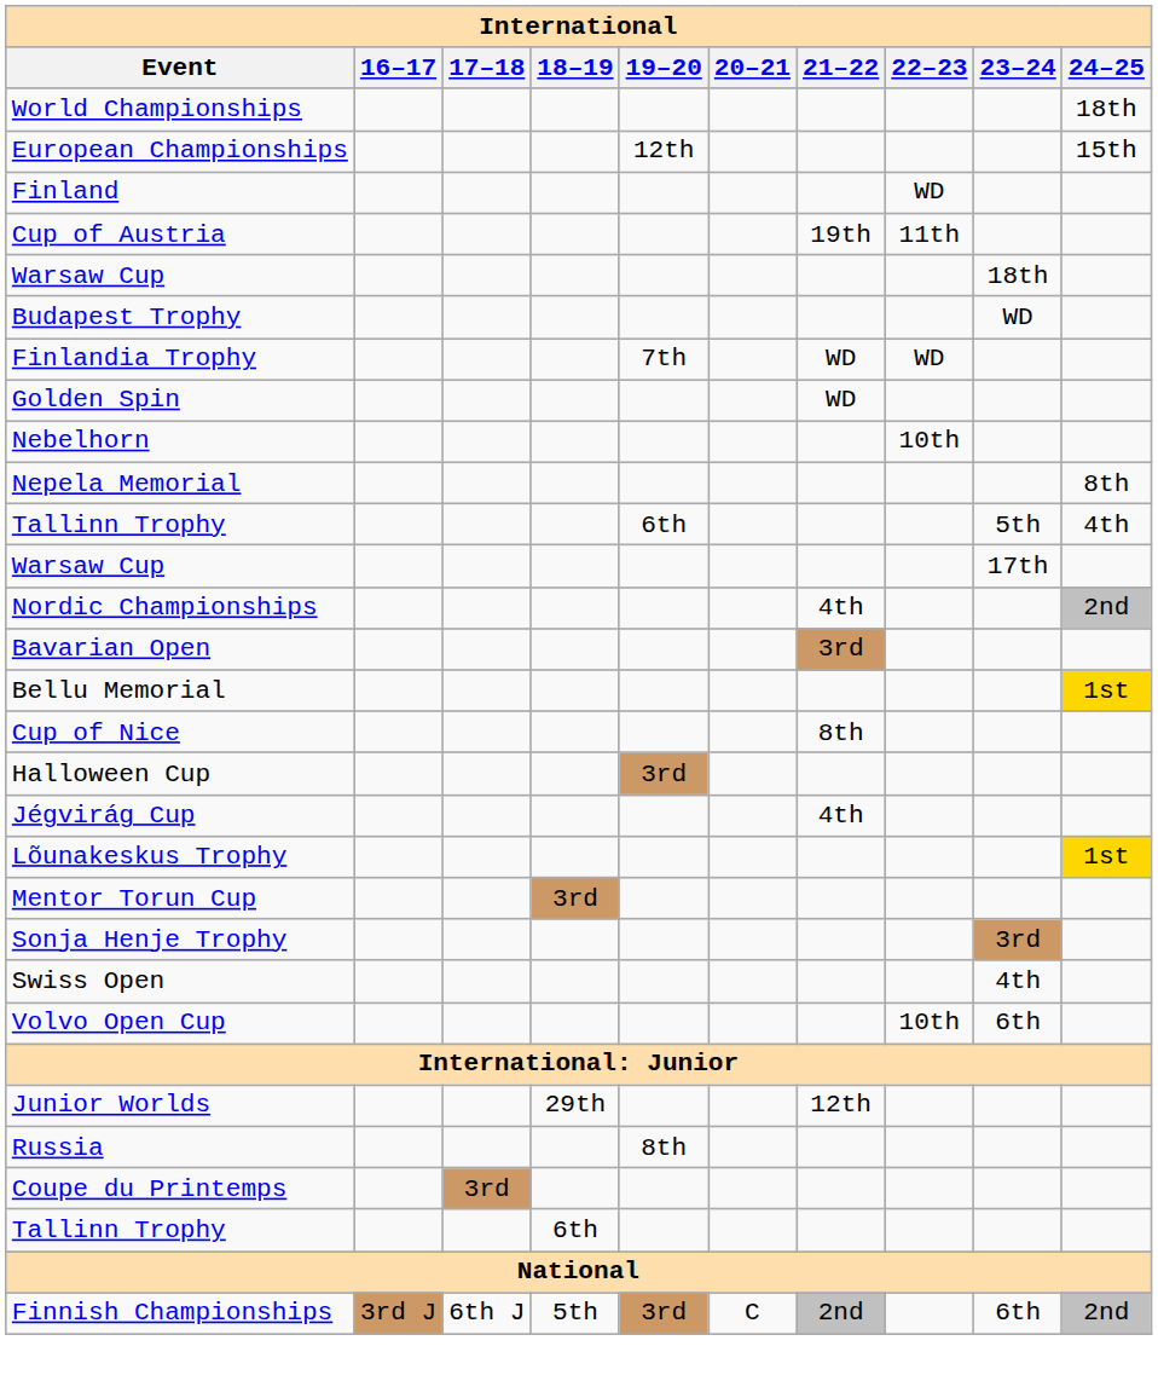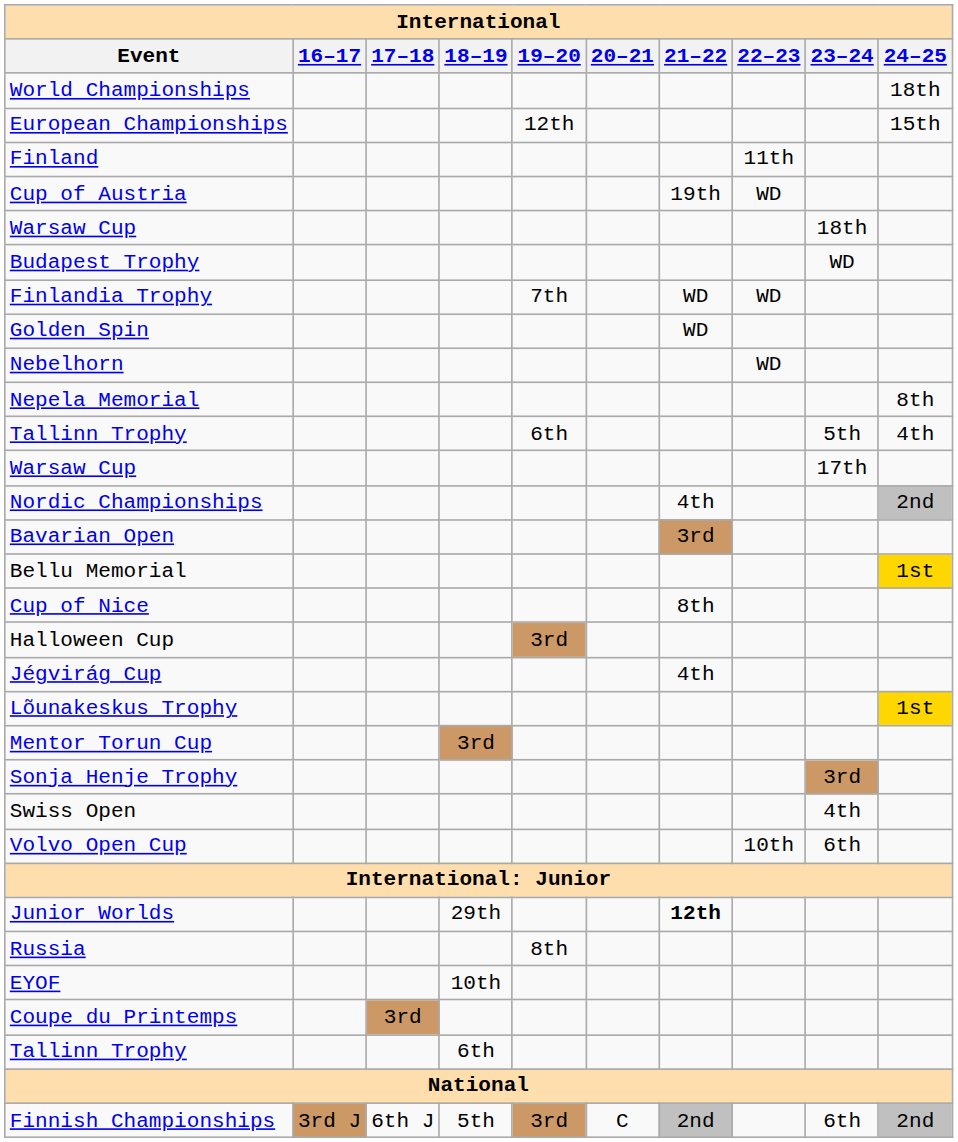 <table class="wikitable" style="text-align:center">
 <tr>
 <th colspan="10" style="background-color:#ffdead;" align="center">International</th>
 </tr>
 <tr>
 <th>Event</th>
 <th><a href='#'>16–17</a></th>
 <th><a href='#'>17–18</a></th>
 <th><a href='#'>18–19</a></th>
 <th><a href='#'>19–20</a></th>
 <th><a href='#'>20–21</a></th>
 <th><a href='#'>21–22</a></th>
 <th><a href='#'>22–23</a></th>
 <th><a href='#'>23–24</a></th>
 <th><a href='#'>24–25</a></th>
 </tr>
 <tr>
 <td align=left><a href='#'>World Championships</a></td>
 <td></td>
 <td></td>
 <td></td>
 <td></td>
 <td></td>
 <td></td>
 <td></td>
 <td></td>
 <td>18th</td>
 </tr>
 <tr>
 <td align=left><a href='#'>European Championships</a></td>
 <td></td>
 <td></td>
 <td></td>
 <td>12th</td>
 <td></td>
 <td></td>
 <td></td>
 <td></td>
 <td>15th</td>
 </tr>
 <tr>
 <td align=left> <a href='#'>Finland</a></td>
 <td></td>
 <td></td>
 <td></td>
 <td></td>
 <td></td>
 <td></td>
-<td>WD</td>
+<td>11th</td>
 <td></td>
 <td></td>
 </tr>
 <tr>
 <td align=left> <a href='#'>Cup of Austria</a></td>
 <td></td>
 <td></td>
 <td></td>
 <td></td>
 <td></td>
 <td>19th</td>
-<td>11th</td>
+<td>WD</td>
 <td></td>
 <td></td>
 </tr>
 <tr>
 <td align=left> <a href='#'>Warsaw Cup</a></td>
 <td></td>
 <td></td>
 <td></td>
 <td></td>
 <td></td>
 <td></td>
 <td></td>
 <td>18th</td>
 <td></td>
 </tr>
 <tr>
 <td align=left> <a href='#'>Budapest Trophy</a></td>
 <td></td>
 <td></td>
 <td></td>
 <td></td>
 <td></td>
 <td></td>
 <td></td>
 <td>WD</td>
 <td></td>
 </tr>
 <tr>
 <td align=left> <a href='#'>Finlandia Trophy</a></td>
 <td></td>
 <td></td>
 <td></td>
 <td>7th</td>
 <td></td>
 <td>WD</td>
 <td>WD</td>
 <td></td>
 <td></td>
 </tr>
 <tr>
 <td align=left> <a href='#'>Golden Spin</a></td>
 <td></td>
 <td></td>
 <td></td>
 <td></td>
 <td></td>
 <td>WD</td>
 <td></td>
 <td></td>
 <td></td>
 </tr>
 <tr>
 <td align=left> <a href='#'>Nebelhorn</a></td>
 <td></td>
 <td></td>
 <td></td>
 <td></td>
 <td></td>
 <td></td>
-<td>10th</td>
+<td>WD</td>
 <td></td>
 <td></td>
 </tr>
 <tr>
 <td align=left> <a href='#'>Nepela Memorial</a></td>
 <td></td>
 <td></td>
 <td></td>
 <td></td>
 <td></td>
 <td></td>
 <td></td>
 <td></td>
 <td>8th</td>
 </tr>
 <tr>
 <td align="left"> <a href='#'>Tallinn Trophy</a></td>
 <td></td>
 <td></td>
 <td></td>
 <td>6th</td>
 <td></td>
 <td></td>
 <td></td>
 <td>5th</td>
 <td>4th</td>
 </tr>
 <tr>
 <td align="left"> <a href='#'>Warsaw Cup</a></td>
 <td></td>
 <td></td>
 <td></td>
 <td></td>
 <td></td>
 <td></td>
 <td></td>
 <td>17th</td>
 <td></td>
 </tr>
 <tr>
 <td align="left"><a href='#'>Nordic Championships</a></td>
 <td></td>
 <td></td>
 <td></td>
 <td></td>
 <td></td>
 <td>4th</td>
 <td></td>
 <td></td>
 <td bgcolor="silver">2nd</td>
 </tr>
 <tr>
 <td align="left"><a href='#'>Bavarian Open</a></td>
 <td></td>
 <td></td>
 <td></td>
 <td></td>
 <td></td>
 <td bgcolor="cc9966">3rd</td>
 <td></td>
 <td></td>
 <td></td>
 </tr>
 <tr>
 <td align="left">Bellu Memorial</td>
 <td></td>
 <td></td>
 <td></td>
 <td></td>
 <td></td>
 <td></td>
 <td></td>
 <td></td>
 <td bgcolor=gold>1st</td>
 </tr>
 <tr>
 <td align="left"><a href='#'>Cup of Nice</a></td>
 <td></td>
 <td></td>
 <td></td>
 <td></td>
 <td></td>
 <td>8th</td>
 <td></td>
 <td></td>
 <td></td>
 </tr>
 <tr>
 <td align="left">Halloween Cup</td>
 <td></td>
 <td></td>
 <td></td>
 <td bgcolor="cc9966">3rd</td>
 <td></td>
 <td></td>
 <td></td>
 <td></td>
 <td></td>
 </tr>
 <tr>
 <td align="left"><a href='#'>Jégvirág Cup</a></td>
 <td></td>
 <td></td>
 <td></td>
 <td></td>
 <td></td>
 <td>4th</td>
 <td></td>
 <td></td>
 <td></td>
 </tr>
 <tr>
 <td align=left><a href='#'>Lõunakeskus Trophy</a></td>
 <td></td>
 <td></td>
 <td></td>
 <td></td>
 <td></td>
 <td></td>
 <td></td>
 <td></td>
 <td bgcolor=gold>1st</td>
 </tr>
 <tr>
 <td align="left"><a href='#'>Mentor Torun Cup</a></td>
 <td></td>
 <td></td>
 <td bgcolor="cc9966">3rd</td>
 <td></td>
 <td></td>
 <td></td>
 <td></td>
 <td></td>
 <td></td>
 </tr>
 <tr>
 <td align="left"><a href='#'>Sonja Henje Trophy</a></td>
 <td></td>
 <td></td>
 <td></td>
 <td></td>
 <td></td>
 <td></td>
 <td></td>
 <td bgcolor="cc9966">3rd</td>
 <td></td>
 </tr>
 <tr>
 <td align="left">Swiss Open</td>
 <td></td>
 <td></td>
 <td></td>
 <td></td>
 <td></td>
 <td></td>
 <td></td>
 <td>4th</td>
 <td></td>
 </tr>
 <tr>
 <td align="left"><a href='#'>Volvo Open Cup</a></td>
 <td></td>
 <td></td>
 <td></td>
 <td></td>
 <td></td>
 <td></td>
 <td>10th</td>
 <td>6th</td>
 <td></td>
 </tr>
 <tr>
 <th colspan="10" style="background-color: #ffdead; " align="center">International: Junior</th>
 </tr>
 <tr>
 <td align="left"><a href='#'>Junior Worlds</a></td>
 <td></td>
 <td></td>
 <td>29th</td>
 <td></td>
 <td></td>
-<td>12th</td>
+<td><strong>12th</strong></td>
 <td></td>
 <td></td>
 <td></td>
 </tr>
 <tr>
 <td align="left"> <a href='#'>Russia</a></td>
 <td></td>
 <td></td>
 <td></td>
 <td>8th</td>
+<td></td>
+<td></td>
+<td></td>
+<td></td>
+<td></td>
+</tr>
+<tr>
+<td align="left"><a href='#'>EYOF</a></td>
+<td></td>
+<td></td>
+<td>10th</td>
+<td></td>
 <td></td>
 <td></td>
 <td></td>
 <td></td>
 <td></td>
 </tr>
 <tr>
 <td align="left"><a href='#'>Coupe du Printemps</a></td>
 <td></td>
 <td bgcolor="cc9966">3rd</td>
 <td></td>
 <td></td>
 <td></td>
 <td></td>
 <td></td>
 <td></td>
 <td></td>
 </tr>
 <tr>
 <td align="left"><a href='#'>Tallinn Trophy</a></td>
 <td></td>
 <td></td>
 <td>6th</td>
 <td></td>
 <td></td>
 <td></td>
 <td></td>
 <td></td>
 <td></td>
 </tr>
 <tr>
 <th colspan="10" style="background-color:#ffdead;" align="center">National</th>
 </tr>
 <tr>
 <td align="left"><a href='#'>Finnish Championships</a></td>
 <td bgcolor="cc9966">3rd J</td>
 <td>6th J</td>
 <td>5th</td>
 <td bgcolor="cc9966">3rd</td>
 <td>C</td>
 <td bgcolor="silver">2nd</td>
 <td></td>
 <td>6th</td>
 <td bgcolor="silver">2nd</td>
 </tr>
 </table>
